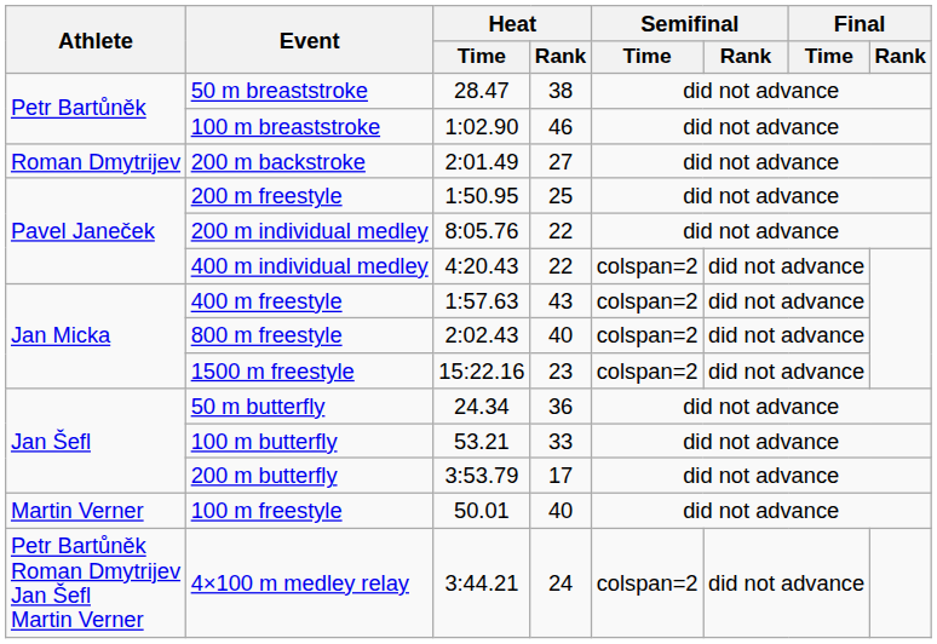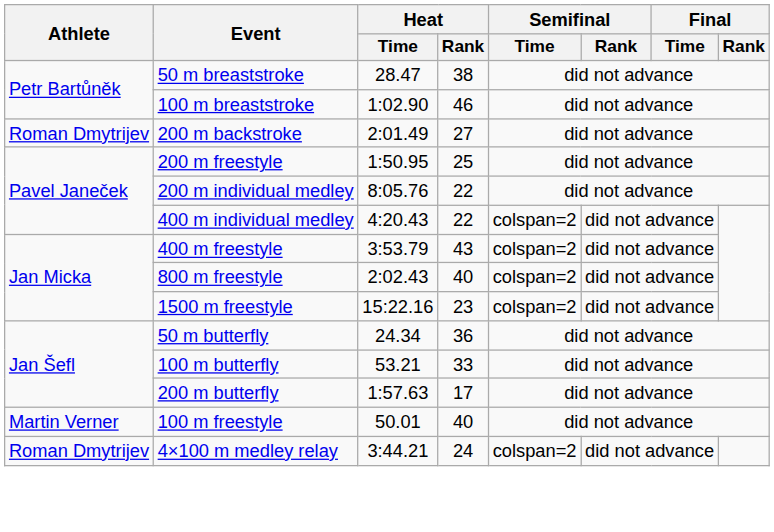 <table class=wikitable style="font-size:90%">
 <tr>
 <th rowspan="2">Athlete</th>
 <th rowspan="2">Event</th>
 <th colspan="2">Heat</th>
 <th colspan="2">Semifinal</th>
 <th colspan="2">Final</th>
 </tr>
 <tr style="font-size:95%">
 <th>Time</th>
 <th>Rank</th>
 <th>Time</th>
 <th>Rank</th>
 <th>Time</th>
 <th>Rank</th>
 </tr>
 <tr align=center>
 <td align=left rowspan=2><a href='#'>Petr Bartůněk</a></td>
 <td align=left><a href='#'>50 m breaststroke</a></td>
 <td>28.47</td>
 <td>38</td>
 <td colspan=4>did not advance</td>
 </tr>
 <tr align=center>
 <td align=left><a href='#'>100 m breaststroke</a></td>
 <td>1:02.90</td>
 <td>46</td>
 <td colspan=4>did not advance</td>
 </tr>
 <tr align=center>
 <td align=left><a href='#'>Roman Dmytrijev</a></td>
 <td align=left><a href='#'>200 m backstroke</a></td>
 <td>2:01.49</td>
 <td>27</td>
 <td colspan=4>did not advance</td>
 </tr>
 <tr align=center>
 <td align=left rowspan=3><a href='#'>Pavel Janeček</a></td>
 <td align=left><a href='#'>200 m freestyle</a></td>
 <td>1:50.95</td>
 <td>25</td>
 <td colspan=4>did not advance</td>
 </tr>
 <tr align=center>
 <td align=left><a href='#'>200 m individual medley</a></td>
 <td>8:05.76</td>
 <td>22</td>
 <td colspan=4>did not advance</td>
 </tr>
 <tr align=center>
 <td align=left><a href='#'>400 m individual medley</a></td>
 <td>4:20.43</td>
 <td>22</td>
 <td>colspan=2 </td>
 <td colspan=2>did not advance</td>
 </tr>
 <tr align=center>
 <td align=left rowspan=3><a href='#'>Jan Micka</a></td>
 <td align=left><a href='#'>400 m freestyle</a></td>
-<td>1:57.63</td>
+<td>3:53.79</td>
 <td>43</td>
 <td>colspan=2 </td>
 <td colspan=2>did not advance</td>
 </tr>
 <tr align=center>
 <td align=left><a href='#'>800 m freestyle</a></td>
 <td>2:02.43</td>
 <td>40</td>
 <td>colspan=2 </td>
 <td colspan=2>did not advance</td>
 </tr>
 <tr align=center>
 <td align=left><a href='#'>1500 m freestyle</a></td>
 <td>15:22.16</td>
 <td>23</td>
 <td>colspan=2 </td>
 <td colspan=2>did not advance</td>
 </tr>
 <tr align=center>
 <td align=left rowspan=3><a href='#'>Jan Šefl</a></td>
 <td align=left><a href='#'>50 m butterfly</a></td>
 <td>24.34</td>
 <td>36</td>
 <td colspan=4>did not advance</td>
 </tr>
 <tr align=center>
 <td align=left><a href='#'>100 m butterfly</a></td>
 <td>53.21</td>
 <td>33</td>
 <td colspan=4>did not advance</td>
 </tr>
 <tr align=center>
 <td align=left><a href='#'>200 m butterfly</a></td>
-<td>3:53.79</td>
+<td>1:57.63</td>
 <td>17</td>
 <td colspan=4>did not advance</td>
 </tr>
 <tr align=center>
 <td align=left><a href='#'>Martin Verner</a></td>
 <td align=left><a href='#'>100 m freestyle</a></td>
 <td>50.01</td>
 <td>40</td>
 <td colspan=4>did not advance</td>
 </tr>
 <tr align=center>
-<td align=left><a href='#'>Petr Bartůněk</a><br><a href='#'>Roman Dmytrijev</a><br><a href='#'>Jan Šefl</a><br><a href='#'>Martin Verner</a></td>
+<td align=left><a href='#'>Roman Dmytrijev</a></td>
 <td align=left><a href='#'>4×100 m medley relay</a></td>
 <td>3:44.21</td>
 <td>24</td>
 <td>colspan=2 </td>
 <td colspan=2>did not advance</td>
 </tr>
 </table>
